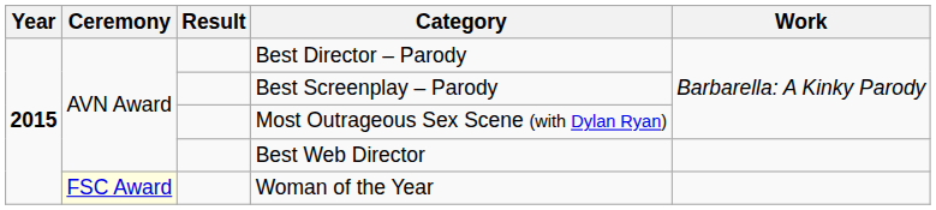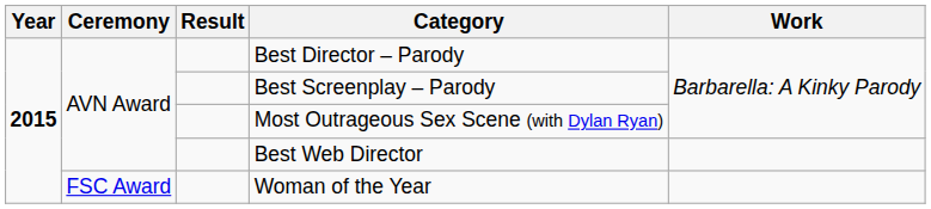 <table class="wikitable">
 <tr>
 <th>Year</th>
 <th>Ceremony</th>
 <th>Result</th>
 <th>Category</th>
 <th>Work</th>
 </tr>
 <tr>
 <td rowspan="5"><strong>2015</strong></td>
 <td rowspan="4">AVN Award</td>
 <td></td>
 <td>Best Director – Parody</td>
 <td rowspan="3"><em>Barbarella: A Kinky Parody</em></td>
 </tr>
 <tr>
 <td></td>
 <td>Best Screenplay – Parody</td>
 </tr>
 <tr>
 <td></td>
 <td>Most Outrageous Sex Scene <small>(with <a href='#'>Dylan Ryan</a>)</small></td>
 </tr>
 <tr>
 <td></td>
 <td>Best Web Director</td>
 <td></td>
 </tr>
 <tr>
-<td style="background: lightyellow;"><a href='#'>FSC Award</a></td>
+<td><a href='#'>FSC Award</a></td>
 <td></td>
 <td>Woman of the Year</td>
 <td></td>
 </tr>
 </table>
